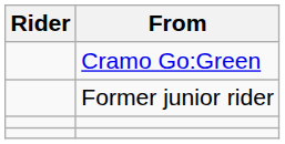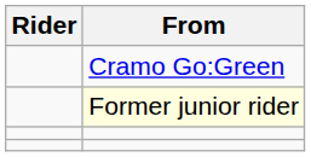 <table class="wikitable sortable">
 <tr>
 <th>Rider</th>
 <th>From</th>
 </tr>
 <tr>
 <td></td>
 <td><a href='#'>Cramo Go:Green</a></td>
 </tr>
 <tr>
 <td></td>
-<td>Former junior rider</td>
+<td style="background: lightyellow;">Former junior rider</td>
 </tr>
 <tr>
 <td></td>
 <td></td>
 </tr>
 <tr>
 <td></td>
 <td></td>
 </tr>
 </table>
